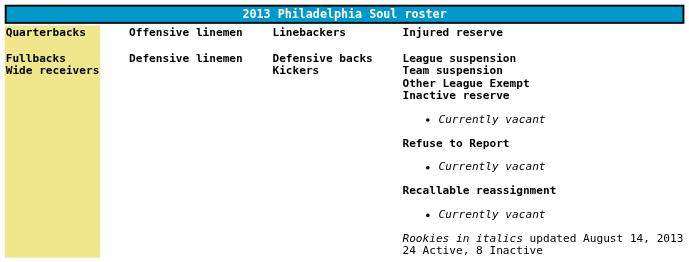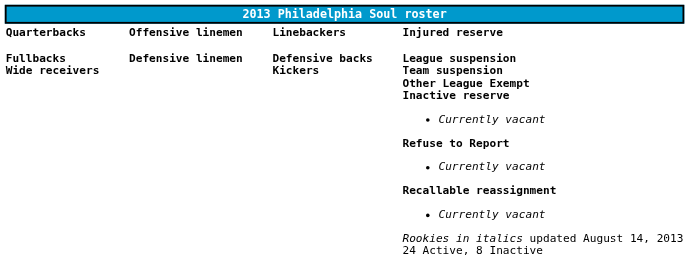 <table class="toccolours" style="text-align: left;">
 <tr>
 <th colspan=7 style="background:#09C; border: 2px solid #000; color:#fff; text-align:center;"><strong>2013 Philadelphia Soul roster</strong></th>
 </tr>
 <tr>
-<td style="background: khaki; font-size: 95%;" valign="top"><strong>Quarterbacks</strong><br> <br><strong>Fullbacks</strong> <br><strong>Wide receivers</strong>     </td>
+<td style="font-size: 95%;" valign="top"><strong>Quarterbacks</strong><br> <br><strong>Fullbacks</strong> <br><strong>Wide receivers</strong>     </td>
 <td style="width: 25px;"></td>
 <td style="font-size: 95%;" valign="top"><strong>Offensive linemen</strong><br>   <br><strong>Defensive linemen</strong>    </td>
 <td style="width: 25px;"></td>
 <td style="font-size: 95%;" valign="top"><strong>Linebackers</strong><br>  <br><strong>Defensive backs</strong>    <br><strong>Kickers</strong>  </td>
 <td style="width: 25px;"></td>
 <td style="font-size: 95%;" valign="top"><strong>Injured reserve</strong><br>    <br><strong>League suspension</strong> <br><strong>Team suspension</strong> <br><strong>Other League Exempt</strong> <br><strong>Inactive reserve</strong><ul><li><em>Currently vacant</em></li></ul><strong>Refuse to Report</strong><ul><li><em>Currently vacant</em></li></ul><strong>Recallable reassignment</strong><ul><li><em>Currently vacant</em></li></ul> <em>Rookies in italics</em> <span></span> updated August 14, 2013<br> 24 Active, 8 Inactive </td>
 </tr>
 <tr>
 </tr>
 </table>
